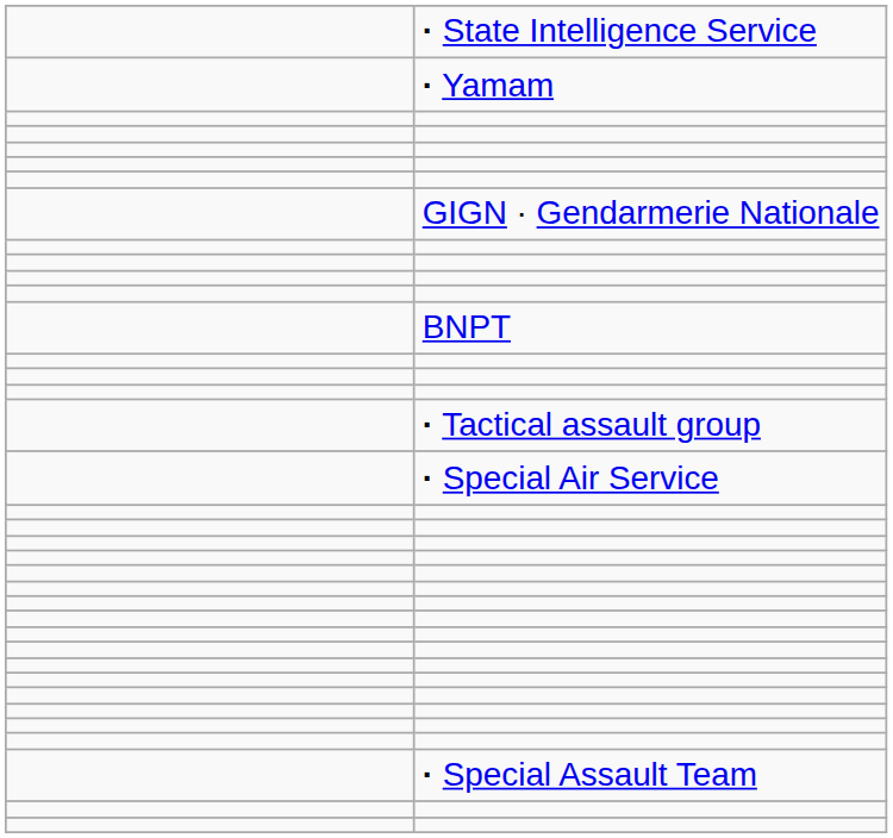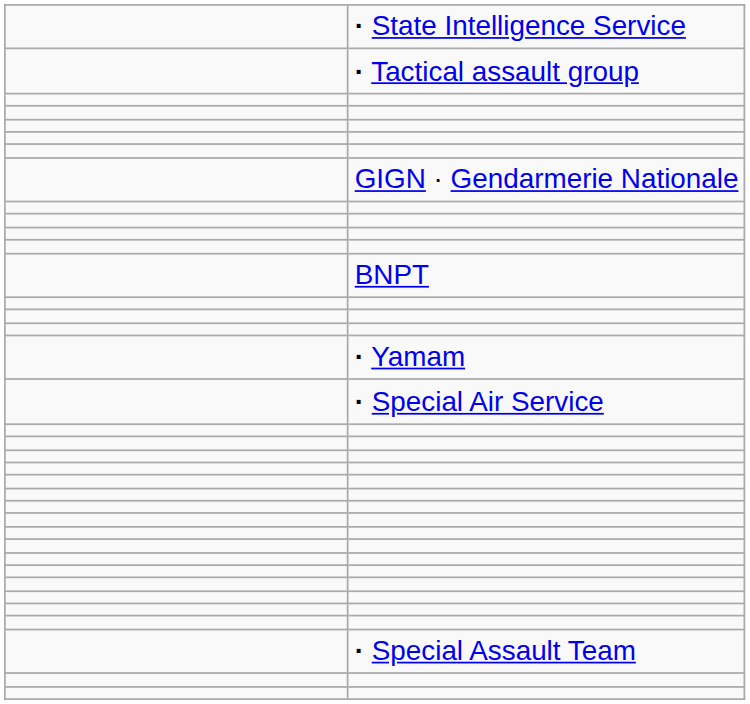 <table class=wikitable>
 <tr>
 <td style=width:190px></td>
 <td> <strong>·</strong> <a href='#'>State Intelligence Service</a></td>
 </tr>
 <tr>
 <td></td>
-<td> <strong>·</strong> <a href='#'>Yamam</a></td>
+<td> <strong>·</strong> <a href='#'>Tactical assault group</a></td>
 </tr>
 <tr>
 <td></td>
 <td></td>
 </tr>
 <tr>
 <td></td>
 <td></td>
 </tr>
 <tr>
 <td></td>
 <td></td>
 </tr>
 <tr>
 <td></td>
 <td></td>
 </tr>
 <tr>
 <td></td>
 <td></td>
 </tr>
 <tr>
 <td></td>
 <td {{hlist><a href='#'>GIGN</a> · <a href='#'>Gendarmerie Nationale</a></td>
 </tr>
 <tr>
 <td></td>
 <td></td>
 </tr>
 <tr>
 <td></td>
 <td></td>
 </tr>
 <tr>
 <td></td>
 <td></td>
 </tr>
 <tr>
 <td></td>
 <td></td>
 </tr>
 <tr>
 <td></td>
 <td><a href='#'>BNPT</a></td>
 </tr>
 <tr>
 <td></td>
 <td></td>
 </tr>
 <tr>
 <td></td>
 <td></td>
 </tr>
 <tr>
 <td></td>
 <td></td>
 </tr>
 <tr>
 <td></td>
-<td> <strong>·</strong> <a href='#'>Tactical assault group</a></td>
+<td> <strong>·</strong> <a href='#'>Yamam</a></td>
 </tr>
 <tr>
 <td></td>
 <td> <strong>·</strong> <a href='#'>Special Air Service</a></td>
 </tr>
 <tr>
 <td></td>
 <td></td>
 </tr>
 <tr>
 <td></td>
 <td></td>
 </tr>
 <tr>
 <td></td>
 <td></td>
 </tr>
 <tr>
 <td></td>
 <td></td>
 </tr>
 <tr>
 <td></td>
 <td></td>
 </tr>
 <tr>
 <td></td>
 <td></td>
 </tr>
 <tr>
 <td></td>
 <td></td>
 </tr>
 <tr>
 <td></td>
 <td></td>
 </tr>
 <tr>
 <td></td>
 <td></td>
 </tr>
 <tr>
 <td></td>
 <td></td>
 </tr>
 <tr>
 <td></td>
 <td></td>
 </tr>
 <tr>
 <td></td>
 <td></td>
 </tr>
 <tr>
 <td></td>
 <td></td>
 </tr>
 <tr>
 <td></td>
 <td></td>
 </tr>
 <tr>
 <td></td>
 <td></td>
 </tr>
 <tr>
 <td></td>
 <td></td>
 </tr>
 <tr>
 <td></td>
 <td> <strong>·</strong> <a href='#'>Special Assault Team</a></td>
 </tr>
 <tr>
 <td></td>
 <td></td>
 </tr>
 <tr>
 <td></td>
 <td></td>
 </tr>
 </table>
